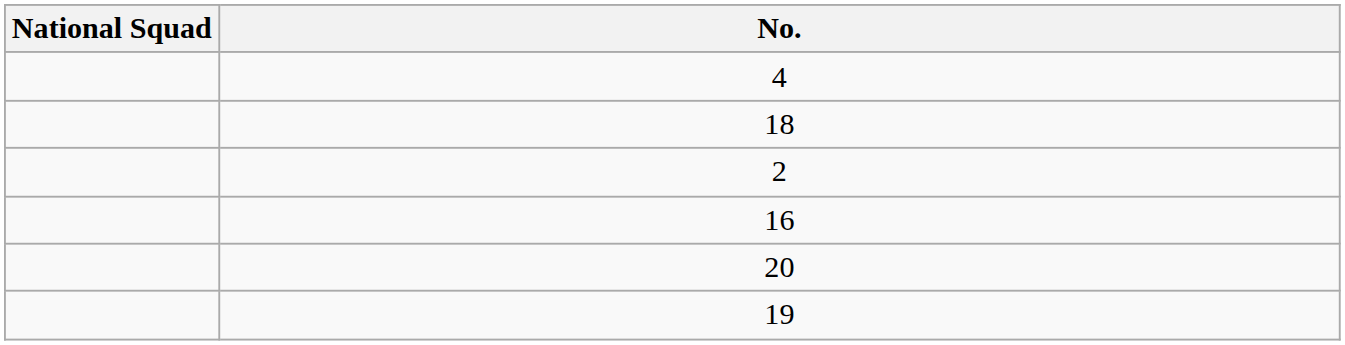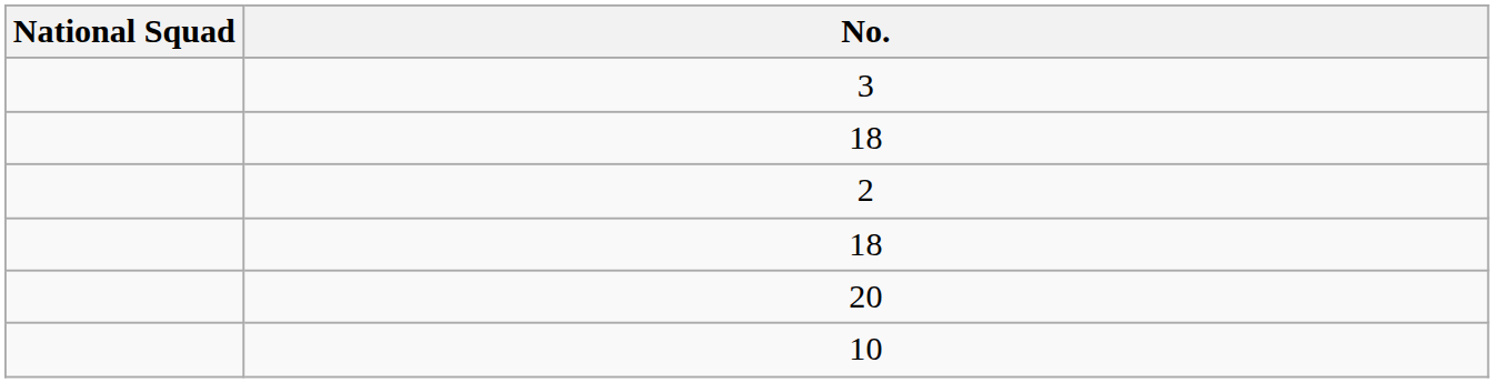 <table class="wikitable sortable">
 <tr>
 <th width=16%>National Squad</th>
 <th>No.</th>
 </tr>
 <tr>
 <td></td>
-<td align="center">4</td>
+<td align="center">3</td>
 </tr>
 <tr>
 <td></td>
 <td align="center">18</td>
 </tr>
 <tr>
 <td></td>
 <td align="center">2</td>
 </tr>
 <tr>
 <td></td>
-<td align="center">16</td>
+<td align="center">18</td>
 </tr>
 <tr>
 <td></td>
 <td align="center">20</td>
 </tr>
 <tr>
 <td></td>
-<td align="center">19</td>
+<td align="center">10</td>
 </tr>
 </table>
